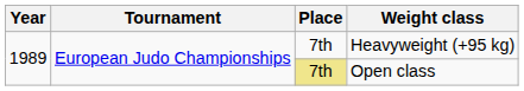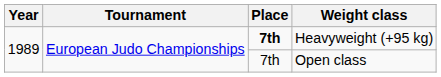 <table class=wikitable>
 <tr>
 <th>Year</th>
 <th>Tournament</th>
 <th>Place</th>
 <th>Weight class</th>
 </tr>
 <tr>
 <td rowspan=2>1989</td>
 <td rowspan=2><a href='#'>European Judo Championships</a></td>
-<td align="center">7th</td>
+<td align="center"><strong>7th</strong></td>
 <td>Heavyweight (+95 kg)</td>
 </tr>
 <tr>
-<td align="center" style="background: khaki;">7th</td>
+<td align="center">7th</td>
 <td>Open class</td>
 </tr>
 </table>
